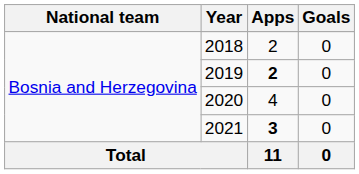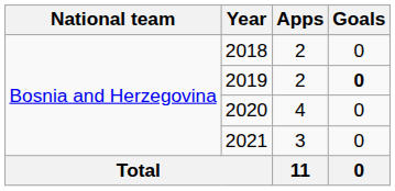 <table class="wikitable" style="text-align:center">
 <tr>
 <th>National team</th>
 <th>Year</th>
 <th>Apps</th>
 <th>Goals</th>
 </tr>
 <tr>
 <td rowspan=5><a href='#'>Bosnia and Herzegovina</a></td>
 </tr>
 <tr>
 <td>2018</td>
 <td>2</td>
 <td>0</td>
 </tr>
 <tr>
 <td>2019</td>
-<td><strong>2</strong></td>
-<td>0</td>
+<td>2</td>
+<td><strong>0</strong></td>
 </tr>
 <tr>
 <td>2020</td>
 <td>4</td>
 <td>0</td>
 </tr>
 <tr>
 <td>2021</td>
-<td><strong>3</strong></td>
+<td>3</td>
 <td>0</td>
 </tr>
 <tr>
 <th colspan=2>Total</th>
 <th>11</th>
 <th>0</th>
 </tr>
 </table>
